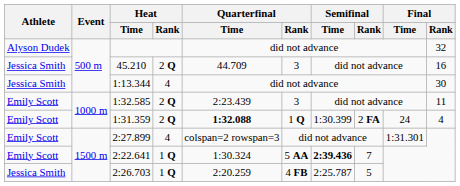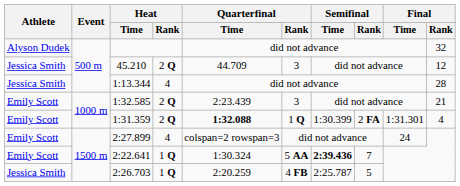 <table class=wikitable style=font-size:90%;text-align:center>
 <tr>
 <th rowspan=2>Athlete</th>
 <th rowspan=2>Event</th>
 <th colspan=2>Heat</th>
 <th colspan=2>Quarterfinal</th>
 <th colspan=2>Semifinal</th>
 <th colspan=2>Final</th>
 </tr>
 <tr style=font-size:95%>
 <th>Time</th>
 <th>Rank</th>
 <th>Time</th>
 <th>Rank</th>
 <th>Time</th>
 <th>Rank</th>
 <th>Time</th>
 <th>Rank</th>
 </tr>
 <tr>
 <td align=left><a href='#'>Alyson Dudek</a></td>
 <td align=left rowspan=3><a href='#'>500 m</a></td>
 <td colspan=2></td>
 <td colspan=5>did not advance</td>
 <td>32</td>
 </tr>
 <tr>
 <td align=left><a href='#'>Jessica Smith</a></td>
 <td>45.210</td>
 <td>2 <strong>Q</strong></td>
 <td>44.709</td>
 <td>3</td>
 <td colspan=3>did not advance</td>
-<td>16</td>
+<td>12</td>
 </tr>
 <tr>
 <td align=left><a href='#'>Jessica Smith</a></td>
 <td>1:13.344</td>
 <td>4</td>
 <td colspan=5>did not advance</td>
-<td>30</td>
+<td>28</td>
 </tr>
 <tr>
 <td align=left><a href='#'>Emily Scott</a></td>
 <td align=left rowspan=2><a href='#'>1000 m</a></td>
 <td>1:32.585</td>
 <td>2 <strong>Q</strong></td>
 <td>2:23.439</td>
 <td>3</td>
 <td colspan=3>did not advance</td>
-<td>11</td>
+<td>21</td>
 </tr>
 <tr>
 <td align=left><a href='#'>Emily Scott</a></td>
 <td>1:31.359</td>
 <td>2 <strong>Q</strong></td>
 <td><strong>1:32.088</strong></td>
 <td>1 <strong>Q</strong></td>
 <td>1:30.399</td>
 <td>2 <strong>FA</strong></td>
-<td>24</td>
+<td>1:31.301</td>
 <td>4</td>
 </tr>
 <tr>
 <td align=left><a href='#'>Emily Scott</a></td>
 <td align=left rowspan=3><a href='#'>1500 m</a></td>
 <td>2:27.899</td>
 <td>4</td>
 <td>colspan=2 rowspan=3 </td>
 <td colspan=3>did not advance</td>
-<td>1:31.301</td>
+<td>24</td>
 </tr>
 <tr>
 <td align=left><a href='#'>Emily Scott</a></td>
 <td>2:22.641</td>
 <td>1 <strong>Q</strong></td>
 <td>1:30.324</td>
 <td>5 <strong>AA</strong></td>
 <td><strong>2:39.436</strong></td>
 <td>7</td>
 </tr>
 <tr>
 <td align=left><a href='#'>Jessica Smith</a></td>
 <td>2:26.703</td>
 <td>1 <strong>Q</strong></td>
 <td>2:20.259</td>
 <td>4 <strong>FB</strong></td>
 <td>2:25.787</td>
 <td>5</td>
 </tr>
 </table>
